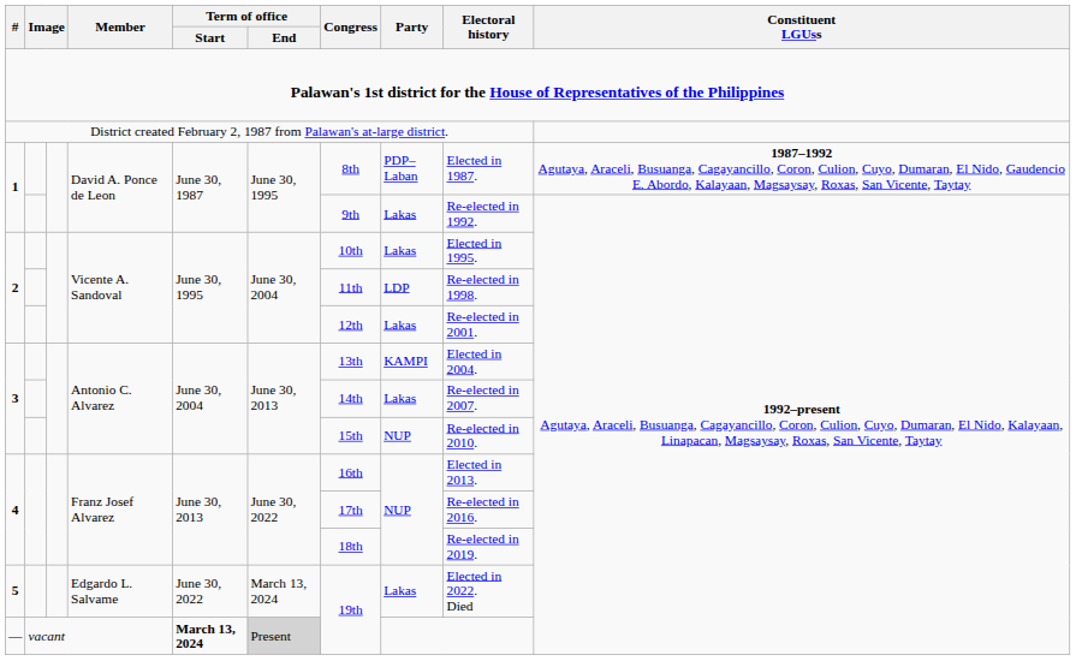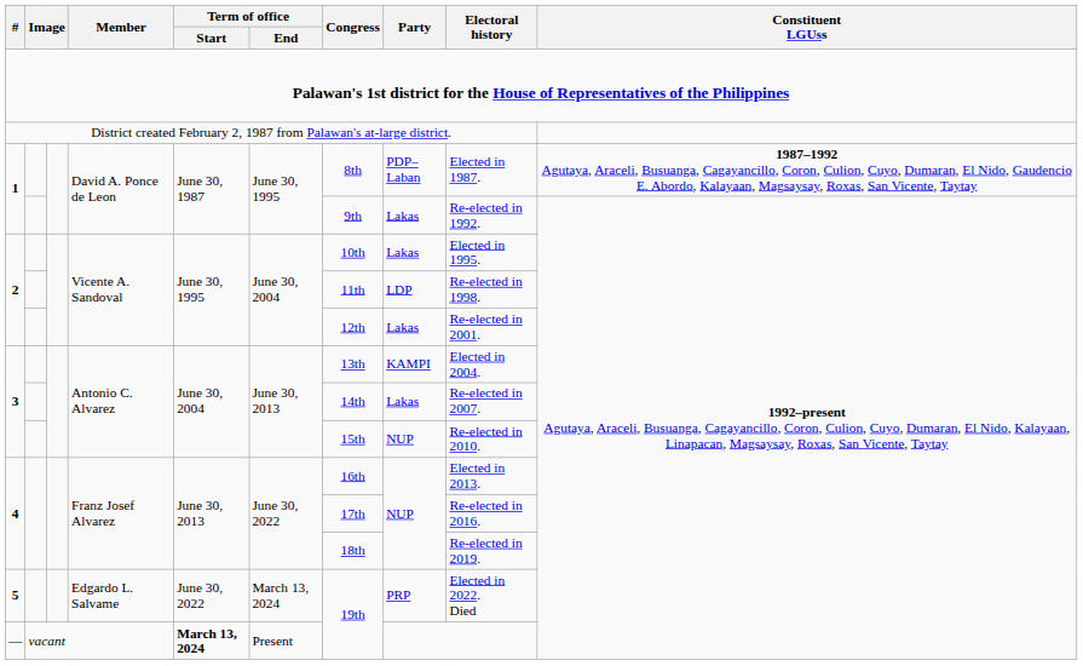 <table class=wikitable>
 <tr>
 <th rowspan="2">#</th>
 <th rowspan="2" colspan=2>Image</th>
 <th rowspan="2">Member</th>
 <th colspan=2>Term of office</th>
 <th rowspan="2">Congress</th>
 <th rowspan="2">Party</th>
 <th rowspan="2">Electoral history</th>
 <th rowspan="2">Constituent<br><a href='#'>LGUs</a>s</th>
 </tr>
 <tr>
 <th>Start</th>
 <th>End</th>
 </tr>
 <tr>
 <td colspan="10" style="text-align:center;"><br><h3>Palawan's 1st district for the <a href='#'>House of Representatives of the Philippines</a></h3></td>
 </tr>
 <tr>
 <td colspan="9" style="text-align:center;">District created February 2, 1987 from <a href='#'>Palawan's at-large district</a>.</td>
 </tr>
 <tr>
 <td rowspan="2" style="text-align:center;"><strong>1</strong></td>
 <td style="color:inherit;background:"></td>
 <td rowspan="2"></td>
 <td rowspan="2">David A. Ponce de Leon</td>
 <td rowspan="2">June 30, 1987</td>
 <td rowspan="2">June 30, 1995</td>
 <td style="text-align:center;"><a href='#'>8th</a></td>
 <td><a href='#'>PDP–Laban</a></td>
 <td><a href='#'>Elected in 1987</a>.</td>
 <td style="text-align:center;"><strong>1987–1992</strong><br><a href='#'>Agutaya</a>, <a href='#'>Araceli</a>, <a href='#'>Busuanga</a>, <a href='#'>Cagayancillo</a>, <a href='#'>Coron</a>, <a href='#'>Culion</a>, <a href='#'>Cuyo</a>, <a href='#'>Dumaran</a>, <a href='#'>El Nido</a>, <a href='#'>Gaudencio E. Abordo</a>, <a href='#'>Kalayaan</a>, <a href='#'>Magsaysay</a>, <a href='#'>Roxas</a>, <a href='#'>San Vicente</a>, <a href='#'>Taytay</a></td>
 </tr>
 <tr>
 <td style="color:inherit;background:"></td>
 <td style="text-align:center;"><a href='#'>9th</a></td>
 <td><a href='#'>Lakas</a></td>
 <td><a href='#'>Re-elected in 1992</a>.</td>
 <td rowspan="12" style="text-align:center;"><strong>1992–present</strong><br><a href='#'>Agutaya</a>, <a href='#'>Araceli</a>, <a href='#'>Busuanga</a>, <a href='#'>Cagayancillo</a>, <a href='#'>Coron</a>, <a href='#'>Culion</a>, <a href='#'>Cuyo</a>, <a href='#'>Dumaran</a>, <a href='#'>El Nido</a>, <a href='#'>Kalayaan</a>, <a href='#'>Linapacan</a>, <a href='#'>Magsaysay</a>, <a href='#'>Roxas</a>, <a href='#'>San Vicente</a>, <a href='#'>Taytay</a></td>
 </tr>
 <tr>
 <td rowspan="3" style="text-align:center;"><strong>2</strong></td>
 <td style="color:inherit;background:"></td>
 <td rowspan="3"></td>
 <td rowspan="3">Vicente A. Sandoval</td>
 <td rowspan="3">June 30, 1995</td>
 <td rowspan="3">June 30, 2004</td>
 <td style="text-align:center;"><a href='#'>10th</a></td>
 <td><a href='#'>Lakas</a></td>
 <td><a href='#'>Elected in 1995</a>.</td>
 </tr>
 <tr>
 <td style="color:inherit;background:"></td>
 <td style="text-align:center;"><a href='#'>11th</a></td>
 <td><a href='#'>LDP</a></td>
 <td><a href='#'>Re-elected in 1998</a>.</td>
 </tr>
 <tr>
 <td style="color:inherit;background:"></td>
 <td style="text-align:center;"><a href='#'>12th</a></td>
 <td><a href='#'>Lakas</a></td>
 <td><a href='#'>Re-elected in 2001</a>.</td>
 </tr>
 <tr>
 <td rowspan="3" style="text-align:center;"><strong>3</strong></td>
 <td style="color:inherit;background:"></td>
 <td rowspan="3"></td>
 <td rowspan="3">Antonio C. Alvarez</td>
 <td rowspan="3">June 30, 2004</td>
 <td rowspan="3">June 30, 2013</td>
 <td style="text-align:center;"><a href='#'>13th</a></td>
 <td><a href='#'>KAMPI</a></td>
 <td><a href='#'>Elected in 2004</a>.</td>
 </tr>
 <tr>
 <td style="color:inherit;background:"></td>
 <td style="text-align:center;"><a href='#'>14th</a></td>
 <td><a href='#'>Lakas</a></td>
 <td><a href='#'>Re-elected in 2007</a>.</td>
 </tr>
 <tr>
 <td style="color:inherit;background:"></td>
 <td style="text-align:center;"><a href='#'>15th</a></td>
 <td><a href='#'>NUP</a></td>
 <td><a href='#'>Re-elected in 2010</a>.</td>
 </tr>
 <tr>
 <td rowspan="3" style="text-align:center;"><strong>4</strong></td>
 <td rowspan="3" style="color:inherit;background:"></td>
 <td rowspan="3"></td>
 <td rowspan="3">Franz Josef Alvarez</td>
 <td rowspan="3">June 30, 2013</td>
 <td rowspan="3">June 30, 2022</td>
 <td style="text-align:center;"><a href='#'>16th</a></td>
 <td rowspan="3"><a href='#'>NUP</a></td>
 <td><a href='#'>Elected in 2013</a>.</td>
 </tr>
 <tr>
 <td style="text-align:center;"><a href='#'>17th</a></td>
 <td><a href='#'>Re-elected in 2016</a>.</td>
 </tr>
 <tr>
 <td style="text-align:center;"><a href='#'>18th</a></td>
 <td><a href='#'>Re-elected in 2019</a>.</td>
 </tr>
 <tr>
 <td style="text-align:center;"><strong>5</strong></td>
 <td style="color:inherit;background:"></td>
 <td></td>
 <td>Edgardo L. Salvame</td>
 <td>June 30, 2022</td>
 <td>March 13, 2024</td>
 <td rowspan="2" style="text-align:center;"><a href='#'>19th</a></td>
-<td><a href='#'>Lakas</a></td>
+<td><a href='#'>PRP</a></td>
 <td><a href='#'>Elected in 2022</a>.<br>Died</td>
 </tr>
 <tr>
 <td style="text-align:center;">—</td>
 <td colspan="3"><em>vacant</em></td>
 <td><strong>March 13, 2024</strong></td>
-<td style="background: lightgrey;">Present</td>
+<td>Present</td>
 <td colspan="2"></td>
 </tr>
 </table>
